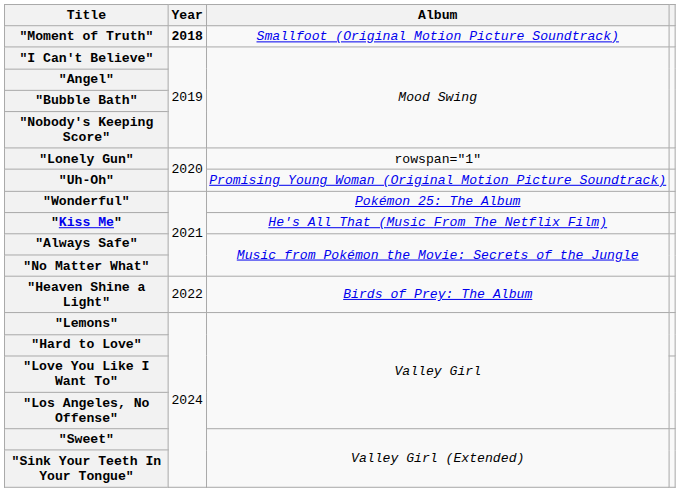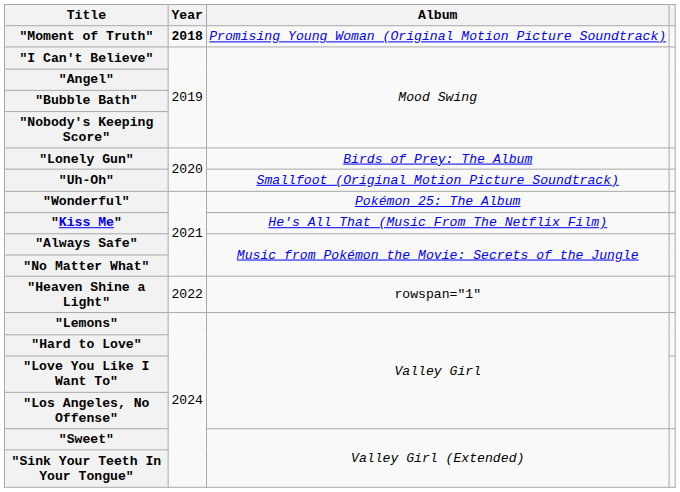 <table class="wikitable plainrowheaders" style="text-align:center;">
 <tr>
 <th scope="col" style="width:12em;">Title</th>
 <th scope="col">Year</th>
 <th scope="col">Album</th>
 <th scope="col"></th>
 </tr>
 <tr>
 <th scope="row">"Moment of Truth"</th>
 <td rowspan="1"><strong>2018</strong></td>
-<td rowspan="1"><em><a href='#'>Smallfoot (Original Motion Picture Soundtrack)</a></em></td>
+<td rowspan="1"><em><a href='#'>Promising Young Woman (Original Motion Picture Soundtrack)</a></em></td>
 <td rowspan="1"></td>
 </tr>
 <tr>
 <th scope="row">"I Can't Believe"</th>
 <td rowspan="4">2019</td>
 <td rowspan="4"><em>Mood Swing</em></td>
 <td rowspan="4"></td>
 </tr>
 <tr>
 <th scope="row">"Angel"</th>
 </tr>
 <tr>
 <th scope="row">"Bubble Bath"</th>
 </tr>
 <tr>
 <th scope="row">"Nobody's Keeping Score"</th>
 </tr>
 <tr>
 <th scope="row">"Lonely Gun"</th>
 <td rowspan="2">2020</td>
-<td>rowspan="1" </td>
+<td rowspan="1"><em><a href='#'>Birds of Prey: The Album</a></em></td>
 <td rowspan="1"></td>
 </tr>
 <tr>
 <th scope="row">"Uh-Oh"</th>
-<td rowspan="1"><em><a href='#'>Promising Young Woman (Original Motion Picture Soundtrack)</a></em></td>
+<td rowspan="1"><em><a href='#'>Smallfoot (Original Motion Picture Soundtrack)</a></em></td>
 <td rowspan="1"></td>
 </tr>
 <tr>
 <th scope="row">"Wonderful"</th>
 <td rowspan="4">2021</td>
 <td rowspan="1"><em><a href='#'>Pokémon 25: The Album</a></em></td>
 <td rowspan="1"></td>
 </tr>
 <tr>
 <th scope="row">"<a href='#'>Kiss Me</a>"</th>
 <td rowspan="1"><em><a href='#'>He's All That (Music From The Netflix Film)</a></em></td>
 <td rowspan="1"></td>
 </tr>
 <tr>
 <th scope="row">"Always Safe"</th>
 <td rowspan="2"><em><a href='#'>Music from Pokémon the Movie: Secrets of the Jungle</a></em></td>
 <td rowspan="2"></td>
 </tr>
 <tr>
 <th scope="row">"No Matter What"</th>
 </tr>
 <tr>
 <th scope="row">"Heaven Shine a Light"</th>
 <td rowspan="1">2022</td>
-<td rowspan="1"><em><a href='#'>Birds of Prey: The Album</a></em></td>
+<td>rowspan="1" </td>
 <td rowspan="1"></td>
 </tr>
 <tr>
 <th scope="row">"Lemons"</th>
 <td rowspan="6">2024</td>
 <td rowspan="4"><em>Valley Girl</em></td>
 <td rowspan="2"></td>
 </tr>
 <tr>
 <th scope="row">"Hard to Love"</th>
 </tr>
 <tr>
 <th scope="row">"Love You Like I Want To"</th>
 <td rowspan="2"></td>
 </tr>
 <tr>
 <th scope="row">"Los Angeles, No Offense"</th>
 </tr>
 <tr>
 <th scope="row">"Sweet"</th>
 <td rowspan="2"><em>Valley Girl (Extended)</em></td>
 <td rowspan="2"></td>
 </tr>
 <tr>
 <th scope="row">"Sink Your Teeth In Your Tongue"</th>
 </tr>
 </table>
